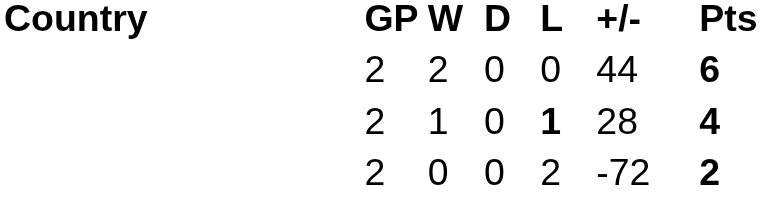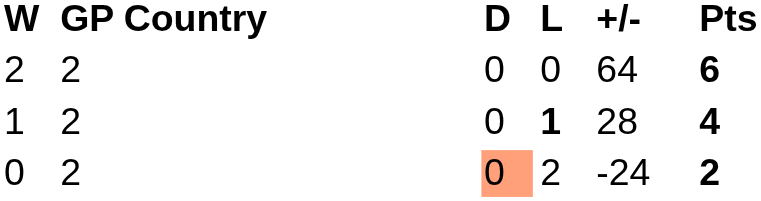 <table>
 <tr ---->
+<td width="20"><strong>W</strong></td>
+<td width="20"><strong>GP</strong></td>
 <td width="150"><strong>Country</strong></td>
-<td width="20"><strong>GP</strong></td>
-<td width="20"><strong>W</strong></td>
 <td width="20"><strong>D</strong></td>
 <td width="20"><strong>L</strong></td>
 <td width="40"><strong>+/-</strong></td>
 <td width="20"><strong>Pts</strong></td>
 </tr>
 <tr ---->
-<td></td>
 <td>2</td>
 <td>2</td>
+<td></td>
 <td>0</td>
 <td>0</td>
-<td>44</td>
+<td>64</td>
 <td><strong>6</strong></td>
 </tr>
 <tr ---->
+<td>1</td>
+<td>2</td>
 <td></td>
-<td>2</td>
-<td>1</td>
 <td>0</td>
 <td><strong>1</strong></td>
 <td>28</td>
 <td><strong>4</strong></td>
 </tr>
 <tr ---->
-<td></td>
-<td>2</td>
-<td>0</td>
 <td>0</td>
 <td>2</td>
-<td>-72</td>
+<td></td>
+<td style="background: lightsalmon;">0</td>
+<td>2</td>
+<td>-24</td>
 <td><strong>2</strong></td>
 </tr>
 </table>
